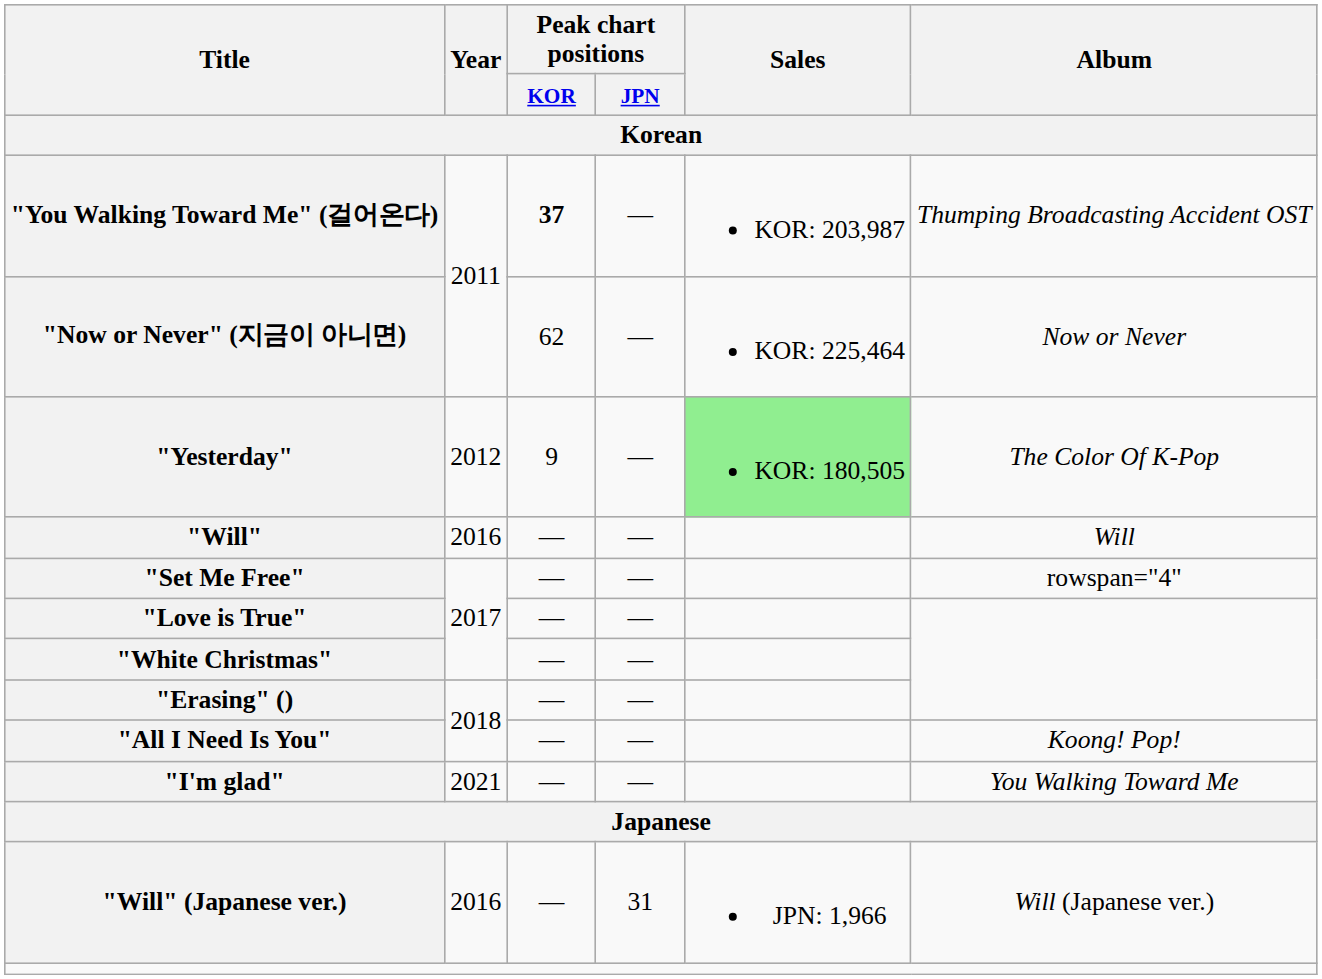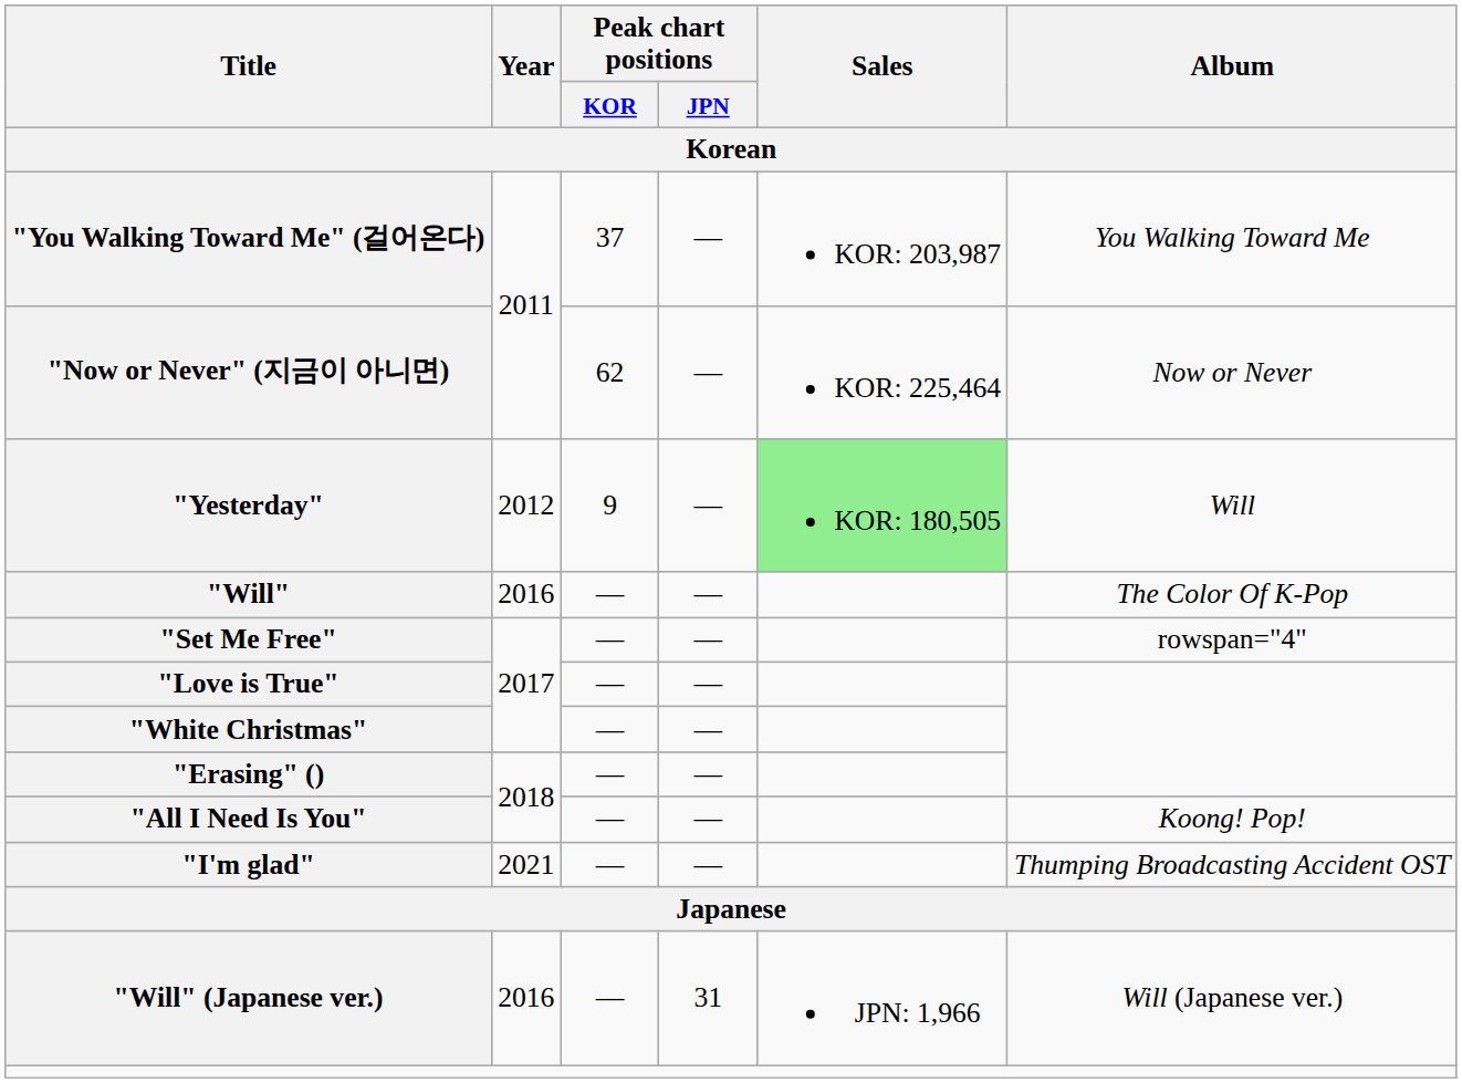 <table class="wikitable plainrowheaders" style="text-align:center;">
 <tr>
 <th rowspan="2" scope="col">Title</th>
 <th rowspan="2" scope="col">Year</th>
 <th colspan="2" scope="col">Peak chart positions</th>
 <th rowspan="2" scope="col">Sales</th>
 <th rowspan="2" scope="col">Album</th>
 </tr>
 <tr>
 <th style="width:3em;"><small><a href='#'>KOR</a></small><br></th>
 <th style="width:3em;"><small><a href='#'>JPN</a></small><br></th>
 </tr>
 <tr>
 <th colspan="6">Korean</th>
 </tr>
 <tr>
 <th scope="row">"You Walking Toward Me" (걸어온다)</th>
 <td rowspan="2">2011</td>
-<td><strong>37</strong></td>
+<td>37</td>
 <td>—</td>
 <td><br><ul><li>KOR: 203,987</li></ul></td>
-<td><em>Thumping Broadcasting Accident OST</em></td>
+<td><em>You Walking Toward Me</em></td>
 </tr>
 <tr>
 <th scope="row">"Now or Never" (지금이 아니면) </th>
 <td>62</td>
 <td>—</td>
 <td><br><ul><li>KOR: 225,464</li></ul></td>
 <td><em>Now or Never</em></td>
 </tr>
 <tr>
 <th scope="row">"Yesterday" </th>
 <td>2012</td>
 <td>9</td>
 <td>—</td>
 <td style="background: lightgreen;"><br><ul><li>KOR: 180,505</li></ul></td>
-<td><em>The Color Of K-Pop</em></td>
+<td><em>Will</em></td>
 </tr>
 <tr>
 <th scope="row">"Will" </th>
 <td>2016</td>
 <td>—</td>
 <td>—</td>
 <td></td>
-<td><em>Will</em></td>
+<td><em>The Color Of K-Pop</em></td>
 </tr>
 <tr>
 <th scope="row">"Set Me Free" </th>
 <td rowspan="3">2017</td>
 <td>—</td>
 <td>—</td>
 <td></td>
 <td>rowspan="4" </td>
 </tr>
 <tr>
 <th scope="row">"Love is True"</th>
 <td>—</td>
 <td>—</td>
 <td></td>
 </tr>
 <tr>
 <th scope="row">"White Christmas" </th>
 <td>—</td>
 <td>—</td>
 <td></td>
 </tr>
 <tr>
 <th scope="row">"Erasing" ()</th>
 <td rowspan="2">2018</td>
 <td>—</td>
 <td>—</td>
 <td></td>
 </tr>
 <tr>
 <th scope="row">"All I Need Is You"</th>
 <td>—</td>
 <td>—</td>
 <td></td>
 <td><em>Koong! Pop!</em></td>
 </tr>
 <tr>
 <th scope="row">"I'm glad"</th>
 <td>2021</td>
 <td>—</td>
 <td>—</td>
 <td></td>
-<td><em>You Walking Toward Me</em></td>
+<td><em>Thumping Broadcasting Accident OST</em></td>
 </tr>
 <tr>
 <th colspan="6">Japanese</th>
 </tr>
 <tr>
 <th scope="row">"Will" (Japanese ver.)</th>
 <td rowspan="1">2016</td>
 <td>—</td>
 <td>31</td>
 <td><br><ul><li>JPN: 1,966</li></ul></td>
 <td><em>Will</em> (Japanese ver.)</td>
 </tr>
 <tr>
 <td colspan="6"></td>
 </tr>
 </table>
